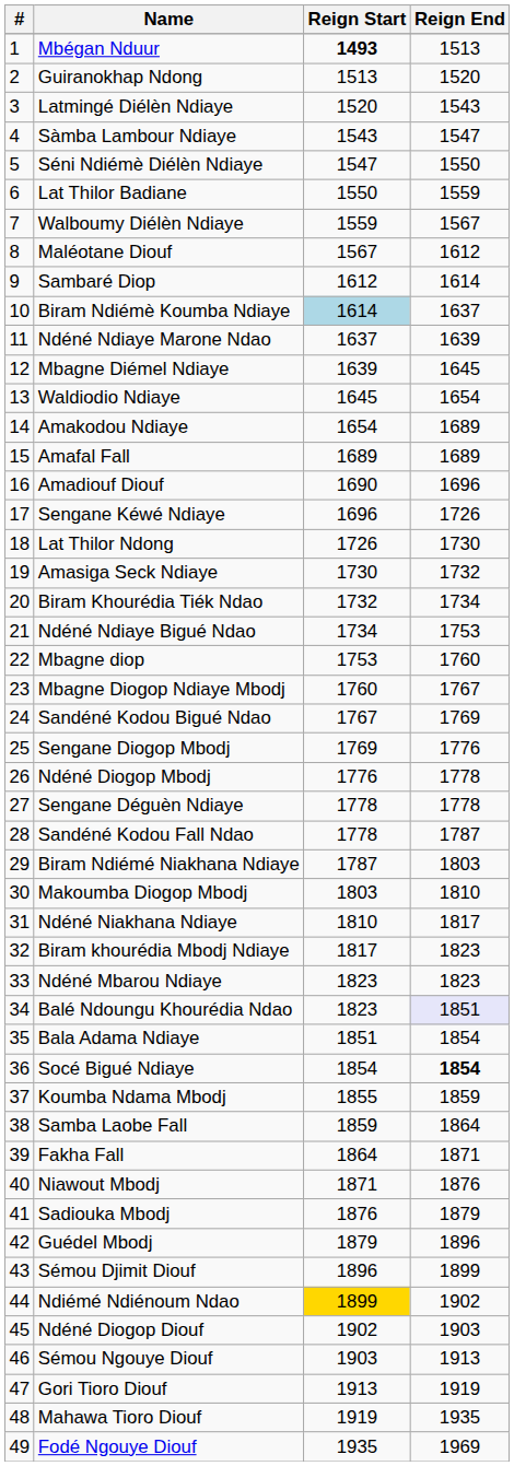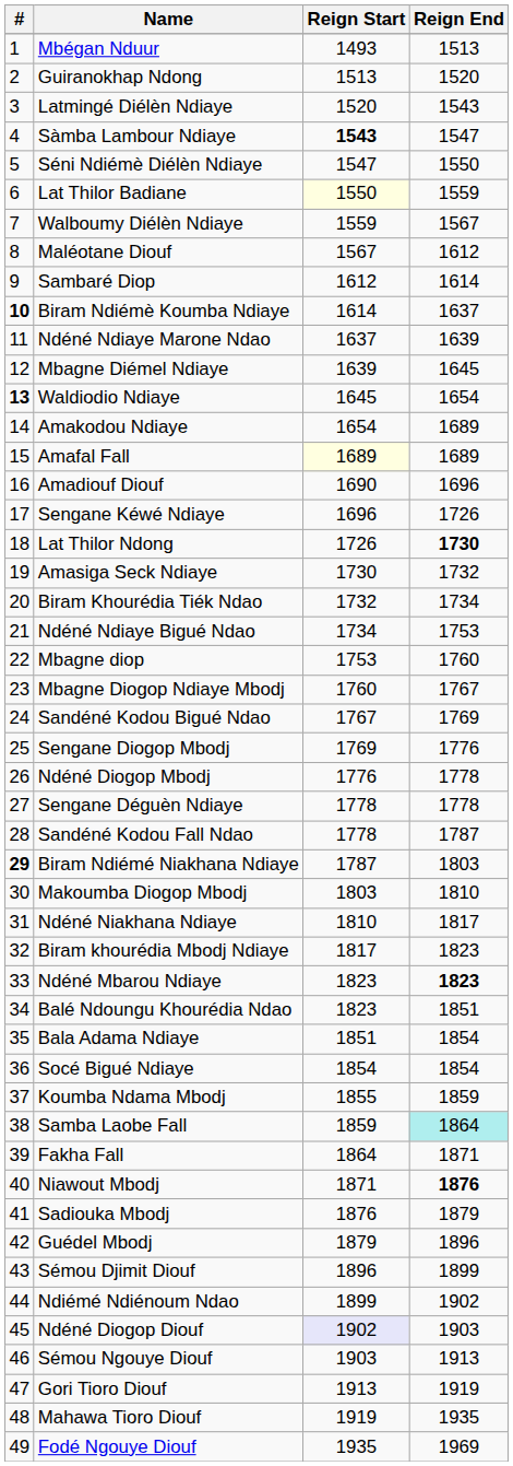 <table class="wikitable">
 <tr>
 <th>#</th>
 <th>Name</th>
 <th>Reign Start</th>
 <th>Reign End</th>
 </tr>
 <tr>
 </tr>
 <tr>
 <td>1</td>
 <td><a href='#'>Mbégan Nduur</a></td>
-<td align="center"><strong>1493</strong></td>
+<td align="center">1493</td>
 <td align="center">1513</td>
 </tr>
 <tr>
 <td>2</td>
 <td>Guiranokhap Ndong</td>
 <td align="center">1513</td>
 <td align="center">1520</td>
 </tr>
 <tr>
 <td>3</td>
 <td>Latmingé Diélèn Ndiaye</td>
 <td align="center">1520</td>
 <td align="center">1543</td>
 </tr>
 <tr>
 <td>4</td>
 <td>Sàmba Lambour Ndiaye</td>
-<td align="center">1543</td>
+<td align="center"><strong>1543</strong></td>
 <td align="center">1547</td>
 </tr>
 <tr>
 <td>5</td>
 <td>Séni Ndiémè Diélèn Ndiaye</td>
 <td align="center">1547</td>
 <td align="center">1550</td>
 </tr>
 <tr>
 <td>6</td>
 <td>Lat Thilor Badiane</td>
-<td align="center">1550</td>
+<td align="center" style="background: lightyellow;">1550</td>
 <td align="center">1559</td>
 </tr>
 <tr>
 <td>7</td>
 <td>Walboumy Diélèn Ndiaye</td>
 <td align="center">1559</td>
 <td align="center">1567</td>
 </tr>
 <tr>
 <td>8</td>
 <td>Maléotane Diouf</td>
 <td align="center">1567</td>
 <td align="center">1612</td>
 </tr>
 <tr>
 <td>9</td>
 <td>Sambaré Diop</td>
 <td align="center">1612</td>
 <td align="center">1614</td>
 </tr>
 <tr>
-<td>10</td>
+<td><strong>10</strong></td>
 <td>Biram Ndiémè Koumba Ndiaye</td>
-<td align="center" style="background: lightblue;">1614</td>
+<td align="center">1614</td>
 <td align="center">1637</td>
 </tr>
 <tr>
 <td>11</td>
 <td>Ndéné Ndiaye Marone Ndao</td>
 <td align="center">1637</td>
 <td align="center">1639</td>
 </tr>
 <tr>
 <td>12</td>
 <td>Mbagne Diémel Ndiaye</td>
 <td align="center">1639</td>
 <td align="center">1645</td>
 </tr>
 <tr>
-<td>13</td>
+<td><strong>13</strong></td>
 <td>Waldiodio Ndiaye</td>
 <td align="center">1645</td>
 <td align="center">1654</td>
 </tr>
 <tr>
 <td>14</td>
 <td>Amakodou Ndiaye</td>
 <td align="center">1654</td>
 <td align="center">1689</td>
 </tr>
 <tr>
 <td>15</td>
 <td>Amafal Fall</td>
-<td align="center">1689</td>
+<td align="center" style="background: lightyellow;">1689</td>
 <td align="center">1689</td>
 </tr>
 <tr>
 <td>16</td>
 <td>Amadiouf Diouf</td>
 <td align="center">1690</td>
 <td align="center">1696</td>
 </tr>
 <tr>
 <td>17</td>
 <td>Sengane Kéwé Ndiaye</td>
 <td align="center">1696</td>
 <td align="center">1726</td>
 </tr>
 <tr>
 <td>18</td>
 <td>Lat Thilor Ndong</td>
 <td align="center">1726</td>
-<td align="center">1730</td>
+<td align="center"><strong>1730</strong></td>
 </tr>
 <tr>
 <td>19</td>
 <td>Amasiga Seck Ndiaye</td>
 <td align="center">1730</td>
 <td align="center">1732</td>
 </tr>
 <tr>
 <td>20</td>
 <td>Biram Khourédia Tiék Ndao</td>
 <td align="center">1732</td>
 <td align="center">1734</td>
 </tr>
 <tr>
 <td>21</td>
 <td>Ndéné Ndiaye Bigué Ndao</td>
 <td align="center">1734</td>
 <td align="center">1753</td>
 </tr>
 <tr>
 <td>22</td>
 <td>Mbagne diop</td>
 <td align="center">1753</td>
 <td align="center">1760</td>
 </tr>
 <tr>
 <td>23</td>
 <td>Mbagne Diogop Ndiaye Mbodj</td>
 <td align="center">1760</td>
 <td align="center">1767</td>
 </tr>
 <tr>
 <td>24</td>
 <td>Sandéné Kodou Bigué Ndao</td>
 <td align="center">1767</td>
 <td align="center">1769</td>
 </tr>
 <tr>
 <td>25</td>
 <td>Sengane Diogop Mbodj</td>
 <td align="center">1769</td>
 <td align="center">1776</td>
 </tr>
 <tr>
 <td>26</td>
 <td>Ndéné Diogop Mbodj</td>
 <td align="center">1776</td>
 <td align="center">1778</td>
 </tr>
 <tr>
 <td>27</td>
 <td>Sengane Déguèn Ndiaye</td>
 <td align="center">1778</td>
 <td align="center">1778</td>
 </tr>
 <tr>
 <td>28</td>
 <td>Sandéné Kodou Fall Ndao</td>
 <td align="center">1778</td>
 <td align="center">1787</td>
 </tr>
 <tr>
-<td>29</td>
+<td><strong>29</strong></td>
 <td>Biram Ndiémé Niakhana Ndiaye</td>
 <td align="center">1787</td>
 <td align="center">1803</td>
 </tr>
 <tr>
 <td>30</td>
 <td>Makoumba Diogop Mbodj</td>
 <td align="center">1803</td>
 <td align="center">1810</td>
 </tr>
 <tr>
 <td>31</td>
 <td>Ndéné Niakhana Ndiaye</td>
 <td align="center">1810</td>
 <td align="center">1817</td>
 </tr>
 <tr>
 <td>32</td>
 <td>Biram khourédia Mbodj Ndiaye</td>
 <td align="center">1817</td>
 <td align="center">1823</td>
 </tr>
 <tr>
 <td>33</td>
 <td>Ndéné Mbarou Ndiaye</td>
 <td align="center">1823</td>
-<td align="center">1823</td>
+<td align="center"><strong>1823</strong></td>
 </tr>
 <tr>
 <td>34</td>
 <td>Balé Ndoungu Khourédia Ndao</td>
 <td align="center">1823</td>
-<td align="center" style="background: lavender;">1851</td>
+<td align="center">1851</td>
 </tr>
 <tr>
 <td>35</td>
 <td>Bala Adama Ndiaye</td>
 <td align="center">1851</td>
 <td align="center">1854</td>
 </tr>
 <tr>
 <td>36</td>
 <td>Socé Bigué Ndiaye</td>
 <td align="center">1854</td>
-<td align="center"><strong>1854</strong></td>
+<td align="center">1854</td>
 </tr>
 <tr>
 <td>37</td>
 <td>Koumba Ndama Mbodj</td>
 <td align="center">1855</td>
 <td align="center">1859</td>
 </tr>
 <tr>
 <td>38</td>
 <td>Samba Laobe Fall</td>
 <td align="center">1859</td>
-<td align="center">1864</td>
+<td align="center" style="background: paleturquoise;">1864</td>
 </tr>
 <tr>
 <td>39</td>
 <td>Fakha Fall</td>
 <td align="center">1864</td>
 <td align="center">1871</td>
 </tr>
 <tr>
 <td>40</td>
 <td>Niawout Mbodj</td>
 <td align="center">1871</td>
-<td align="center">1876</td>
+<td align="center"><strong>1876</strong></td>
 </tr>
 <tr>
 <td>41</td>
 <td>Sadiouka Mbodj</td>
 <td align="center">1876</td>
 <td align="center">1879</td>
 </tr>
 <tr>
 <td>42</td>
 <td>Guédel Mbodj</td>
 <td align="center">1879</td>
 <td align="center">1896</td>
 </tr>
 <tr>
 <td>43</td>
 <td>Sémou Djimit Diouf</td>
 <td align="center">1896</td>
 <td align="center">1899</td>
 </tr>
 <tr>
 <td>44</td>
 <td>Ndiémé Ndiénoum Ndao</td>
-<td align="center" style="background: gold;">1899</td>
+<td align="center">1899</td>
 <td align="center">1902</td>
 </tr>
 <tr>
 <td>45</td>
 <td>Ndéné Diogop Diouf</td>
-<td align="center">1902</td>
+<td align="center" style="background: lavender;">1902</td>
 <td align="center">1903</td>
 </tr>
 <tr>
 <td>46</td>
 <td>Sémou Ngouye Diouf</td>
 <td align="center">1903</td>
 <td align="center">1913</td>
 </tr>
 <tr>
 <td>47</td>
 <td>Gori Tioro Diouf</td>
 <td align="center">1913</td>
 <td align="center">1919</td>
 </tr>
 <tr>
 <td>48</td>
 <td>Mahawa Tioro Diouf</td>
 <td align="center">1919</td>
 <td align="center">1935</td>
 </tr>
 <tr>
 <td>49</td>
 <td><a href='#'>Fodé Ngouye Diouf</a></td>
 <td align="center">1935</td>
 <td align="center">1969</td>
 </tr>
 </table>
